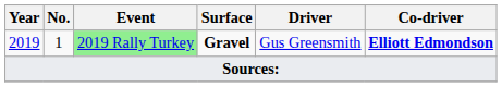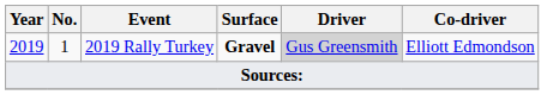 <table class="wikitable" style="font-size: 85%; ">
 <tr>
 <th>Year</th>
 <th>No.</th>
 <th>Event</th>
 <th>Surface</th>
 <th>Driver</th>
 <th>Co-driver</th>
 </tr>
 <tr>
 <td align="center"><a href='#'>2019</a></td>
 <td align="center">1</td>
-<td style="background: lightgreen;"> <a href='#'>2019 Rally Turkey</a></td>
+<td> <a href='#'>2019 Rally Turkey</a></td>
 <td align="center"><strong>Gravel</strong></td>
-<td> <a href='#'>Gus Greensmith</a></td>
-<td><strong> <a href='#'>Elliott Edmondson</a></strong></td>
+<td style="background: lightgrey;"> <a href='#'>Gus Greensmith</a></td>
+<td> <a href='#'>Elliott Edmondson</a></td>
 </tr>
 <tr>
 <td colspan="6" style="background-color:#EAECF0;text-align:center"><strong>Sources:</strong></td>
 </tr>
 <tr>
 </tr>
 </table>
